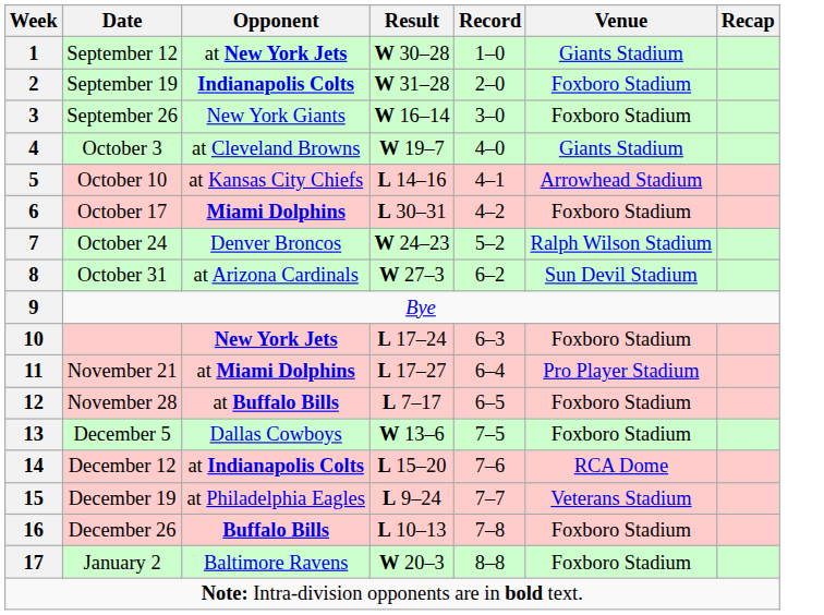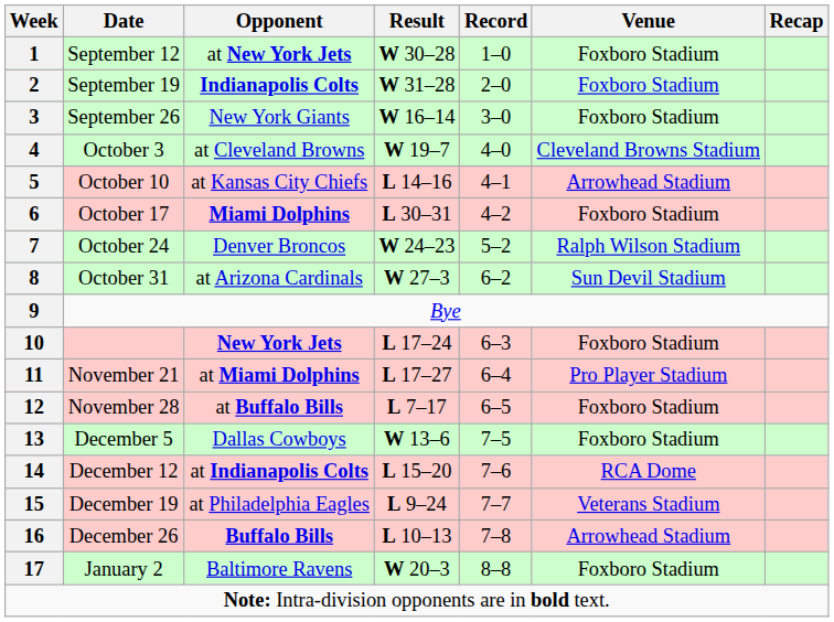 <table class="wikitable" style="text-align:center">
 <tr>
 <th>Week</th>
 <th>Date</th>
 <th>Opponent</th>
 <th>Result</th>
 <th>Record</th>
 <th>Venue</th>
 <th>Recap</th>
 </tr>
 <tr style="background:#cfc">
 <th>1</th>
 <td>September 12</td>
 <td>at <strong><a href='#'>New York Jets</a></strong></td>
 <td><strong>W</strong> 30–28</td>
 <td>1–0</td>
-<td><a href='#'>Giants Stadium</a></td>
+<td>Foxboro Stadium</td>
 <td></td>
 </tr>
 <tr style="background:#cfc">
 <th>2</th>
 <td>September 19</td>
 <td><strong><a href='#'>Indianapolis Colts</a></strong></td>
 <td><strong>W</strong> 31–28</td>
 <td>2–0</td>
 <td><a href='#'>Foxboro Stadium</a></td>
 <td></td>
 </tr>
 <tr style="background:#cfc">
 <th>3</th>
 <td>September 26</td>
 <td><a href='#'>New York Giants</a></td>
 <td><strong>W</strong> 16–14</td>
 <td>3–0</td>
 <td>Foxboro Stadium</td>
 <td></td>
 </tr>
 <tr style="background:#cfc">
 <th>4</th>
 <td>October 3</td>
 <td>at <a href='#'>Cleveland Browns</a></td>
 <td><strong>W</strong> 19–7</td>
 <td>4–0</td>
-<td><a href='#'>Giants Stadium</a></td>
+<td><a href='#'>Cleveland Browns Stadium</a></td>
 <td></td>
 </tr>
 <tr style="background:#fcc">
 <th>5</th>
 <td>October 10</td>
 <td>at <a href='#'>Kansas City Chiefs</a></td>
 <td><strong>L</strong> 14–16</td>
 <td>4–1</td>
 <td><a href='#'>Arrowhead Stadium</a></td>
 <td></td>
 </tr>
 <tr style="background:#fcc">
 <th>6</th>
 <td>October 17</td>
 <td><strong><a href='#'>Miami Dolphins</a></strong></td>
 <td><strong>L</strong> 30–31</td>
 <td>4–2</td>
 <td>Foxboro Stadium</td>
 <td></td>
 </tr>
 <tr style="background:#cfc">
 <th>7</th>
 <td>October 24</td>
 <td><a href='#'>Denver Broncos</a></td>
 <td><strong>W</strong> 24–23</td>
 <td>5–2</td>
 <td><a href='#'>Ralph Wilson Stadium</a></td>
 <td></td>
 </tr>
 <tr style="background:#cfc">
 <th>8</th>
 <td>October 31</td>
 <td>at <a href='#'>Arizona Cardinals</a></td>
 <td><strong>W</strong> 27–3</td>
 <td>6–2</td>
 <td><a href='#'>Sun Devil Stadium</a></td>
 <td></td>
 </tr>
 <tr>
 <th>9</th>
 <td colspan=6><em><a href='#'>Bye</a></em></td>
 </tr>
 <tr style="background:#fcc">
 <th>10</th>
 <td></td>
 <td><strong><a href='#'>New York Jets</a></strong></td>
 <td><strong>L</strong> 17–24</td>
 <td>6–3</td>
 <td>Foxboro Stadium</td>
 <td></td>
 </tr>
 <tr style="background:#fcc">
 <th>11</th>
 <td>November 21</td>
 <td>at <strong><a href='#'>Miami Dolphins</a></strong></td>
 <td><strong>L</strong> 17–27</td>
 <td>6–4</td>
 <td><a href='#'>Pro Player Stadium</a></td>
 <td></td>
 </tr>
 <tr style="background:#fcc">
 <th>12</th>
 <td>November 28</td>
 <td>at <strong><a href='#'>Buffalo Bills</a></strong></td>
 <td><strong>L</strong> 7–17</td>
 <td>6–5</td>
 <td>Foxboro Stadium</td>
 <td></td>
 </tr>
 <tr style="background:#cfc">
 <th>13</th>
 <td>December 5</td>
 <td><a href='#'>Dallas Cowboys</a></td>
 <td><strong>W</strong> 13–6</td>
 <td>7–5</td>
 <td>Foxboro Stadium</td>
 <td></td>
 </tr>
 <tr style="background:#fcc">
 <th>14</th>
 <td>December 12</td>
 <td>at <strong><a href='#'>Indianapolis Colts</a></strong></td>
 <td><strong>L</strong> 15–20</td>
 <td>7–6</td>
 <td><a href='#'>RCA Dome</a></td>
 <td></td>
 </tr>
 <tr style="background:#fcc">
 <th>15</th>
 <td>December 19</td>
 <td>at <a href='#'>Philadelphia Eagles</a></td>
 <td><strong>L</strong> 9–24</td>
 <td>7–7</td>
 <td><a href='#'>Veterans Stadium</a></td>
 <td></td>
 </tr>
 <tr style="background:#fcc">
 <th>16</th>
 <td>December 26</td>
 <td><strong><a href='#'>Buffalo Bills</a></strong></td>
 <td><strong>L</strong> 10–13 </td>
 <td>7–8</td>
-<td>Foxboro Stadium</td>
+<td><a href='#'>Arrowhead Stadium</a></td>
 <td></td>
 </tr>
 <tr style="background:#cfc">
 <th>17</th>
 <td>January 2</td>
 <td><a href='#'>Baltimore Ravens</a></td>
 <td><strong>W</strong> 20–3</td>
 <td>8–8</td>
 <td>Foxboro Stadium</td>
 <td></td>
 </tr>
 <tr>
 <td colspan="8"><strong>Note:</strong> Intra-division opponents are in <strong>bold</strong> text.</td>
 </tr>
 </table>
